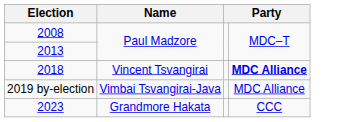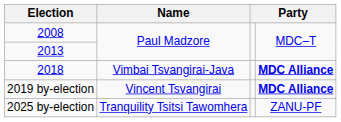 <table class="wikitable" style="text-align:center">
 <tr>
 <th>Election</th>
 <th>Name</th>
 <th colspan="2">Party</th>
 </tr>
 <tr>
 <td><a href='#'>2008</a></td>
 <td rowspan="2"><a href='#'>Paul Madzore</a></td>
 <td rowspan="2" style="background-color: "></td>
 <td rowspan="2"><a href='#'>MDC–T</a></td>
 </tr>
 <tr>
 <td><a href='#'>2013</a></td>
 </tr>
 <tr>
 <td><a href='#'>2018</a></td>
+<td><a href='#'>Vimbai Tsvangirai-Java</a></td>
+<td style="background-color: "></td>
+<td><strong><a href='#'>MDC Alliance</a></strong></td>
+</tr>
+<tr>
+<td>2019 by-election</td>
 <td><a href='#'>Vincent Tsvangirai</a></td>
 <td style="background-color: "></td>
 <td><strong><a href='#'>MDC Alliance</a></strong></td>
 </tr>
 <tr>
-<td>2019 by-election</td>
-<td><a href='#'>Vimbai Tsvangirai-Java</a></td>
+<td>2025 by-election</td>
+<td><a href='#'>Tranquility Tsitsi Tawomhera</a></td>
 <td style="background-color: "></td>
-<td><a href='#'>MDC Alliance</a></td>
-</tr>
-<tr>
-<td><a href='#'>2023</a></td>
-<td><a href='#'>Grandmore Hakata</a></td>
-<td style="background-color: "></td>
-<td><a href='#'>CCC</a></td>
+<td><a href='#'>ZANU-PF</a></td>
 </tr>
 </table>
